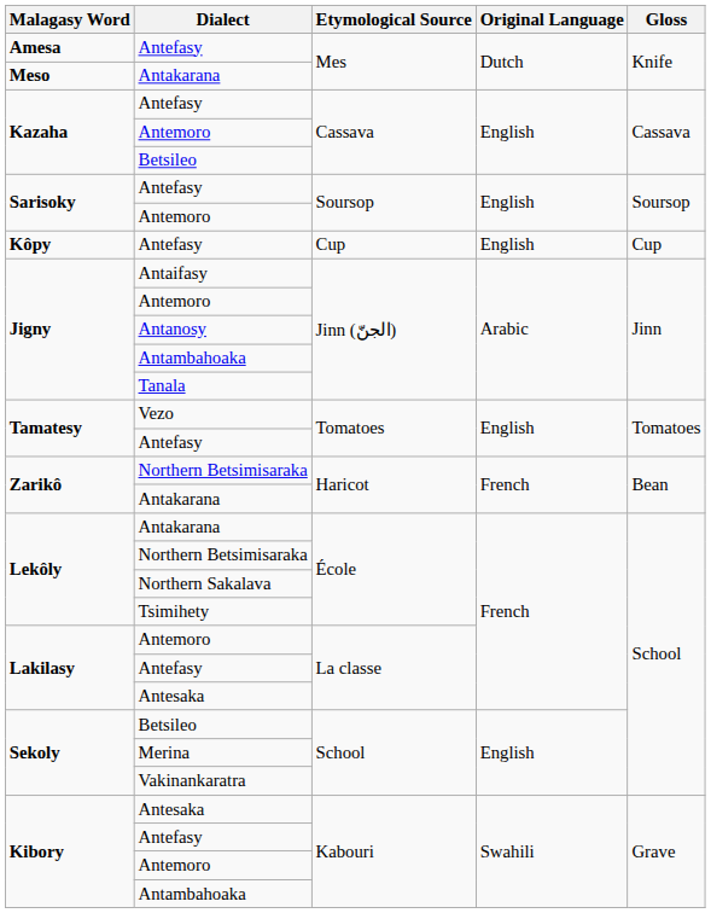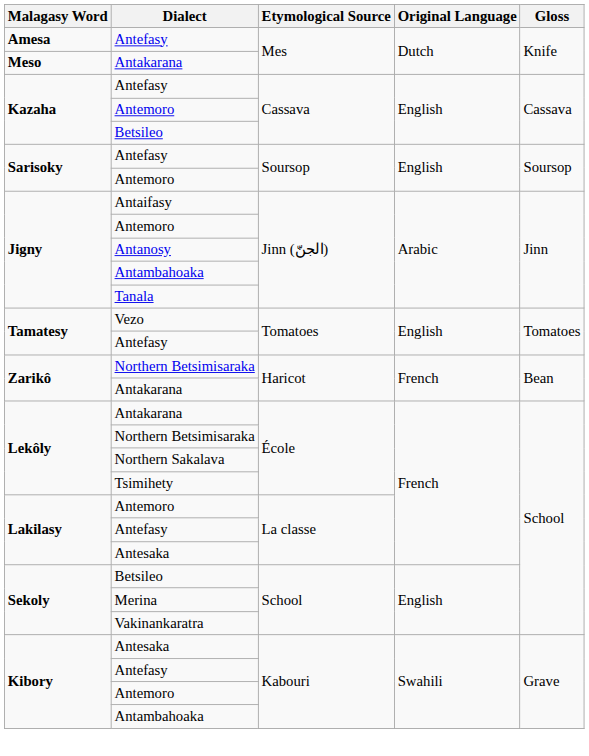 <table class="wikitable">
 <tr>
 <th>Malagasy Word</th>
 <th>Dialect</th>
 <th>Etymological Source</th>
 <th>Original Language</th>
 <th>Gloss</th>
 </tr>
 <tr>
 <td><strong>Amesa</strong></td>
 <td><a href='#'>Antefasy</a></td>
 <td rowspan="2">Mes</td>
 <td rowspan="2">Dutch</td>
 <td rowspan="2">Knife</td>
 </tr>
 <tr>
 <td><strong>Meso</strong></td>
 <td><a href='#'>Antakarana</a></td>
 </tr>
 <tr>
 <td rowspan="3"><strong>Kazaha</strong></td>
 <td>Antefasy</td>
 <td rowspan="3">Cassava</td>
 <td rowspan="3">English</td>
 <td rowspan="3">Cassava</td>
 </tr>
 <tr>
 <td><a href='#'>Antemoro</a></td>
 </tr>
 <tr>
 <td><a href='#'>Betsileo</a></td>
 </tr>
 <tr>
 <td rowspan="2"><strong>Sarisoky</strong></td>
 <td>Antefasy</td>
 <td rowspan="2">Soursop</td>
 <td rowspan="2">English</td>
 <td rowspan="2">Soursop</td>
 </tr>
 <tr>
 <td>Antemoro</td>
-</tr>
-<tr>
-<td><strong>Kôpy</strong></td>
-<td>Antefasy</td>
-<td>Cup</td>
-<td>English</td>
-<td>Cup</td>
 </tr>
 <tr>
 <td rowspan="5"><strong>Jigny</strong></td>
 <td>Antaifasy</td>
 <td rowspan="5">Jinn (الجنّ)</td>
 <td rowspan="5">Arabic</td>
 <td rowspan="5">Jinn</td>
 </tr>
 <tr>
 <td>Antemoro</td>
 </tr>
 <tr>
 <td><a href='#'>Antanosy</a></td>
 </tr>
 <tr>
 <td><a href='#'>Antambahoaka</a></td>
 </tr>
 <tr>
 <td><a href='#'>Tanala</a></td>
 </tr>
 <tr>
 <td rowspan="2"><strong>Tamatesy</strong></td>
 <td>Vezo</td>
 <td rowspan="2">Tomatoes</td>
 <td rowspan="2">English</td>
 <td rowspan="2">Tomatoes</td>
 </tr>
 <tr>
 <td>Antefasy</td>
 </tr>
 <tr>
 <td rowspan="2"><strong>Zarikô</strong></td>
 <td><a href='#'>Northern Betsimisaraka</a></td>
 <td rowspan="2">Haricot</td>
 <td rowspan="2">French</td>
 <td rowspan="2">Bean</td>
 </tr>
 <tr>
 <td>Antakarana</td>
 </tr>
 <tr>
 <td rowspan="4"><strong>Lekôly</strong></td>
 <td>Antakarana</td>
 <td rowspan="4">École</td>
 <td rowspan="7">French</td>
 <td rowspan="10">School</td>
 </tr>
 <tr>
 <td>Northern Betsimisaraka</td>
 </tr>
 <tr>
 <td>Northern Sakalava</td>
 </tr>
 <tr>
 <td>Tsimihety</td>
 </tr>
 <tr>
 <td rowspan="3"><strong>Lakilasy</strong></td>
 <td>Antemoro</td>
 <td rowspan="3">La classe</td>
 </tr>
 <tr>
 <td>Antefasy</td>
 </tr>
 <tr>
 <td>Antesaka</td>
 </tr>
 <tr>
 <td rowspan="3"><strong>Sekoly</strong></td>
 <td>Betsileo</td>
 <td rowspan="3">School</td>
 <td rowspan="3">English</td>
 </tr>
 <tr>
 <td>Merina</td>
 </tr>
 <tr>
 <td>Vakinankaratra</td>
 </tr>
 <tr>
 <td rowspan="4"><strong>Kibory</strong></td>
 <td>Antesaka</td>
 <td rowspan="4">Kabouri</td>
 <td rowspan="4">Swahili</td>
 <td rowspan="4">Grave</td>
 </tr>
 <tr>
 <td>Antefasy</td>
 </tr>
 <tr>
 <td>Antemoro</td>
 </tr>
 <tr>
 <td>Antambahoaka</td>
 </tr>
 </table>
